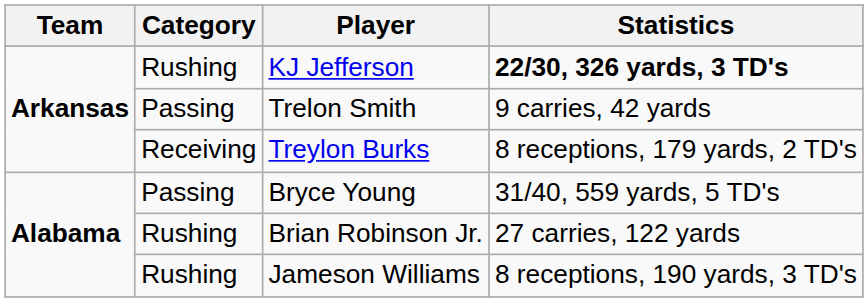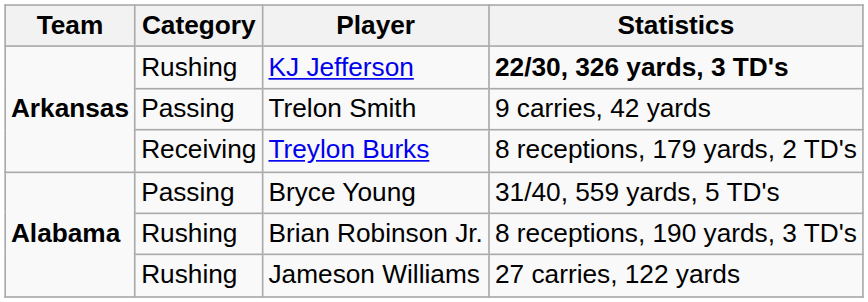 <table class="wikitable" style="float: right;">
 <tr>
 <th>Team</th>
 <th>Category</th>
 <th>Player</th>
 <th>Statistics</th>
 </tr>
 <tr>
 <td rowspan=3><strong>Arkansas</strong></td>
 <td>Rushing</td>
 <td><a href='#'>KJ Jefferson</a></td>
 <td><strong>22/30, 326 yards, 3 TD's</strong></td>
 </tr>
 <tr>
 <td>Passing</td>
 <td>Trelon Smith</td>
 <td>9 carries, 42 yards</td>
 </tr>
 <tr>
 <td>Receiving</td>
 <td><a href='#'>Treylon Burks</a></td>
 <td>8 receptions, 179 yards, 2 TD's</td>
 </tr>
 <tr>
 <td rowspan=3><strong>Alabama</strong></td>
 <td>Passing</td>
 <td>Bryce Young</td>
 <td>31/40, 559 yards, 5 TD's</td>
 </tr>
 <tr>
 <td>Rushing</td>
 <td>Brian Robinson Jr.</td>
-<td>27 carries, 122 yards</td>
+<td>8 receptions, 190 yards, 3 TD's</td>
 </tr>
 <tr>
 <td>Rushing</td>
 <td>Jameson Williams</td>
-<td>8 receptions, 190 yards, 3 TD's</td>
+<td>27 carries, 122 yards</td>
 </tr>
 </table>
